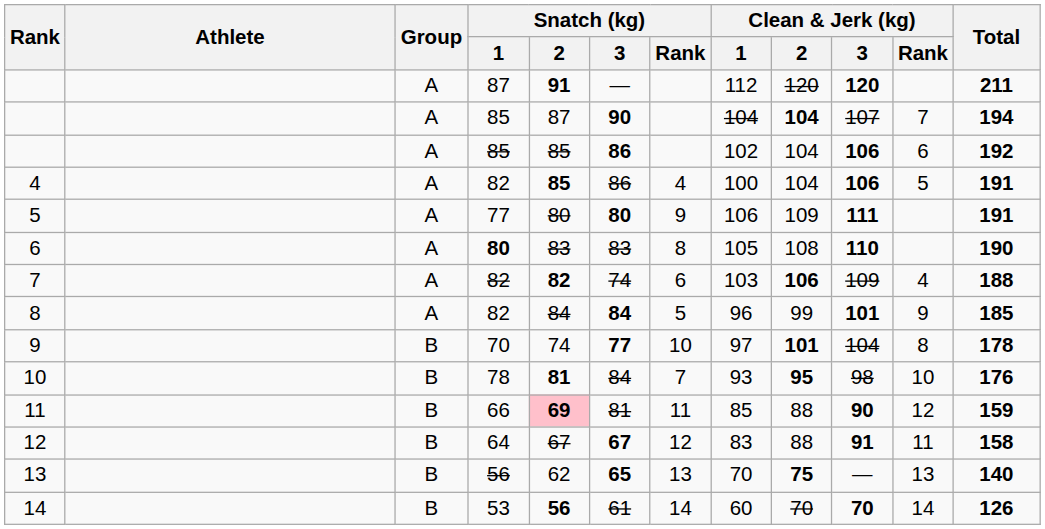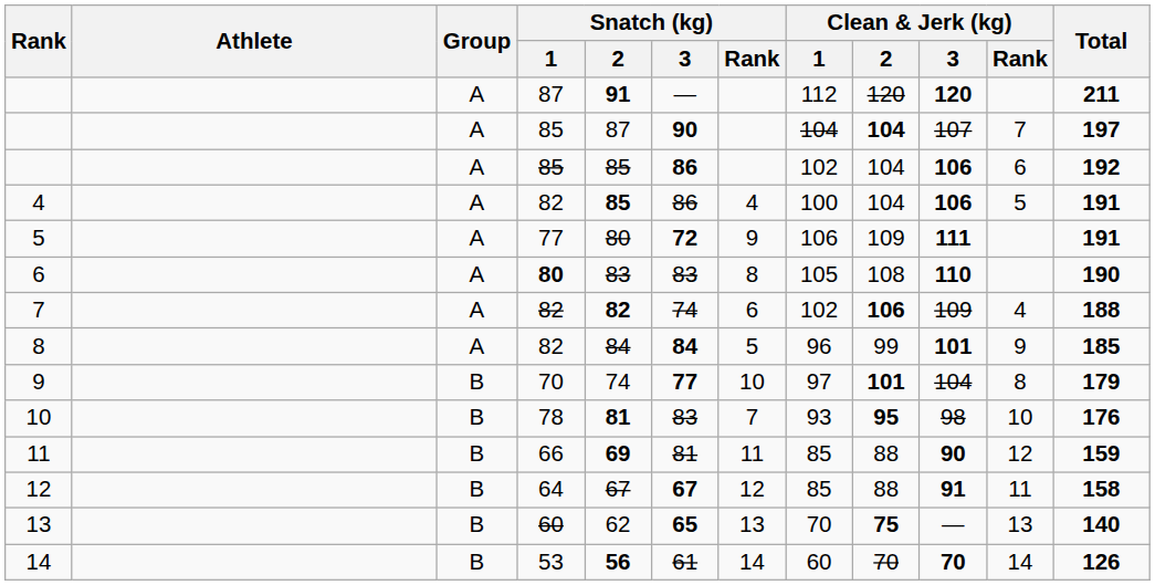 <table class = "wikitable" style="text-align:center;">
 <tr>
 <th rowspan=2 width=40>Rank</th>
 <th rowspan=2 width=250>Athlete</th>
 <th rowspan=2 width=50>Group</th>
 <th colspan=4>Snatch (kg)</th>
 <th colspan=4>Clean & Jerk (kg)</th>
 <th rowspan=2 width=60>Total</th>
 </tr>
 <tr>
 <th width=40>1</th>
 <th width=40>2</th>
 <th width=40>3</th>
 <th width=40>Rank</th>
 <th width=40>1</th>
 <th width=40>2</th>
 <th width=40>3</th>
 <th width=40>Rank</th>
 </tr>
 <tr>
 <td></td>
 <td align=left></td>
 <td>A</td>
 <td>87</td>
 <td><strong>91</strong></td>
 <td>—</td>
 <td></td>
 <td>112</td>
 <td><s>120</s></td>
 <td><strong>120</strong></td>
 <td></td>
 <td><strong>211</strong></td>
 </tr>
 <tr>
 <td></td>
 <td align=left></td>
 <td>A</td>
 <td>85</td>
 <td>87</td>
 <td><strong>90</strong></td>
 <td></td>
 <td><s>104</s></td>
 <td><strong>104</strong></td>
 <td><s>107</s></td>
 <td>7</td>
-<td><strong>194</strong></td>
+<td><strong>197</strong></td>
 </tr>
 <tr>
 <td></td>
 <td align=left></td>
 <td>A</td>
 <td><s>85</s></td>
 <td><s>85</s></td>
 <td><strong>86</strong></td>
 <td></td>
 <td>102</td>
 <td>104</td>
 <td><strong>106</strong></td>
 <td>6</td>
 <td><strong>192</strong></td>
 </tr>
 <tr>
 <td>4</td>
 <td align=left></td>
 <td>A</td>
 <td>82</td>
 <td><strong>85</strong></td>
 <td><s>86</s></td>
 <td>4</td>
 <td>100</td>
 <td>104</td>
 <td><strong>106</strong></td>
 <td>5</td>
 <td><strong>191</strong></td>
 </tr>
 <tr>
 <td>5</td>
 <td align=left></td>
 <td>A</td>
 <td>77</td>
 <td><s>80</s></td>
-<td><strong>80</strong></td>
+<td><strong>72</strong></td>
 <td>9</td>
 <td>106</td>
 <td>109</td>
 <td><strong>111</strong></td>
 <td></td>
 <td><strong>191</strong></td>
 </tr>
 <tr>
 <td>6</td>
 <td align=left></td>
 <td>A</td>
 <td><strong>80</strong></td>
 <td><s>83</s></td>
 <td><s>83</s></td>
 <td>8</td>
 <td>105</td>
 <td>108</td>
 <td><strong>110</strong></td>
 <td></td>
 <td><strong>190</strong></td>
 </tr>
 <tr>
 <td>7</td>
 <td align=left></td>
 <td>A</td>
 <td><s>82</s></td>
 <td><strong>82</strong></td>
 <td><s>74</s></td>
 <td>6</td>
-<td>103</td>
+<td>102</td>
 <td><strong>106</strong></td>
 <td><s>109</s></td>
 <td>4</td>
 <td><strong>188</strong></td>
 </tr>
 <tr>
 <td>8</td>
 <td align=left></td>
 <td>A</td>
 <td>82</td>
 <td><s>84</s></td>
 <td><strong>84</strong></td>
 <td>5</td>
 <td>96</td>
 <td>99</td>
 <td><strong>101</strong></td>
 <td>9</td>
 <td><strong>185</strong></td>
 </tr>
 <tr>
 <td>9</td>
 <td align=left></td>
 <td>B</td>
 <td>70</td>
 <td>74</td>
 <td><strong>77</strong></td>
 <td>10</td>
 <td>97</td>
 <td><strong>101</strong></td>
 <td><s>104</s></td>
 <td>8</td>
-<td><strong>178</strong></td>
+<td><strong>179</strong></td>
 </tr>
 <tr>
 <td>10</td>
 <td align=left></td>
 <td>B</td>
 <td>78</td>
 <td><strong>81</strong></td>
-<td><s>84</s></td>
+<td><s>83</s></td>
 <td>7</td>
 <td>93</td>
 <td><strong>95</strong></td>
 <td><s>98</s></td>
 <td>10</td>
 <td><strong>176</strong></td>
 </tr>
 <tr>
 <td>11</td>
 <td align=left></td>
 <td>B</td>
 <td>66</td>
-<td style="background: pink;"><strong>69</strong></td>
+<td><strong>69</strong></td>
 <td><s>81</s></td>
 <td>11</td>
 <td>85</td>
 <td>88</td>
 <td><strong>90</strong></td>
 <td>12</td>
 <td><strong>159</strong></td>
 </tr>
 <tr>
 <td>12</td>
 <td align=left></td>
 <td>B</td>
 <td>64</td>
 <td><s>67</s></td>
 <td><strong>67</strong></td>
 <td>12</td>
-<td>83</td>
+<td>85</td>
 <td>88</td>
 <td><strong>91</strong></td>
 <td>11</td>
 <td><strong>158</strong></td>
 </tr>
 <tr>
 <td>13</td>
 <td align=left></td>
 <td>B</td>
-<td><s>56</s></td>
+<td><s>60</s></td>
 <td>62</td>
 <td><strong>65</strong></td>
 <td>13</td>
 <td>70</td>
 <td><strong>75</strong></td>
 <td>—</td>
 <td>13</td>
 <td><strong>140</strong></td>
 </tr>
 <tr>
 <td>14</td>
 <td align=left></td>
 <td>B</td>
 <td>53</td>
 <td><strong>56</strong></td>
 <td><s>61</s></td>
 <td>14</td>
 <td>60</td>
 <td><s>70</s></td>
 <td><strong>70</strong></td>
 <td>14</td>
 <td><strong>126</strong></td>
 </tr>
 </table>
